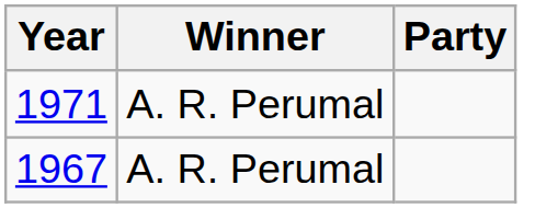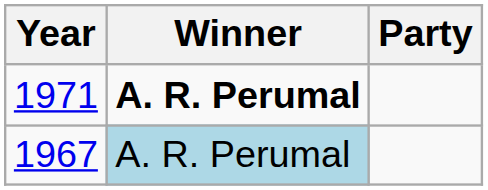 <table class="wikitable">
 <tr>
 <th>Year</th>
 <th>Winner</th>
 <th colspan="2">Party</th>
 </tr>
 <tr>
 <td><a href='#'>1971</a></td>
-<td>A. R. Perumal</td>
+<td><strong>A. R. Perumal</strong></td>
 <td></td>
 </tr>
 <tr>
 <td><a href='#'>1967</a></td>
-<td>A. R. Perumal</td>
+<td style="background: lightblue;">A. R. Perumal</td>
 <td></td>
 </tr>
 </table>
